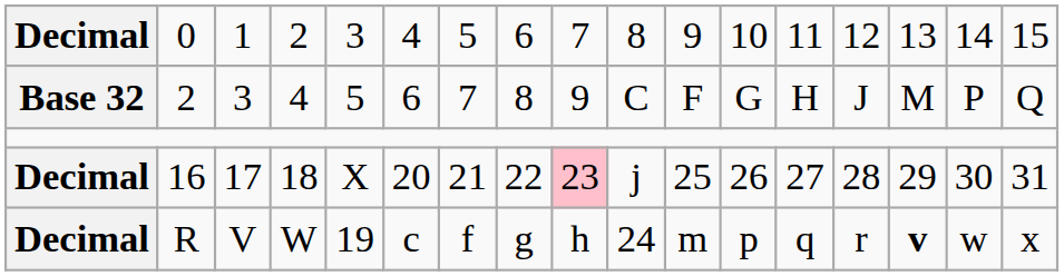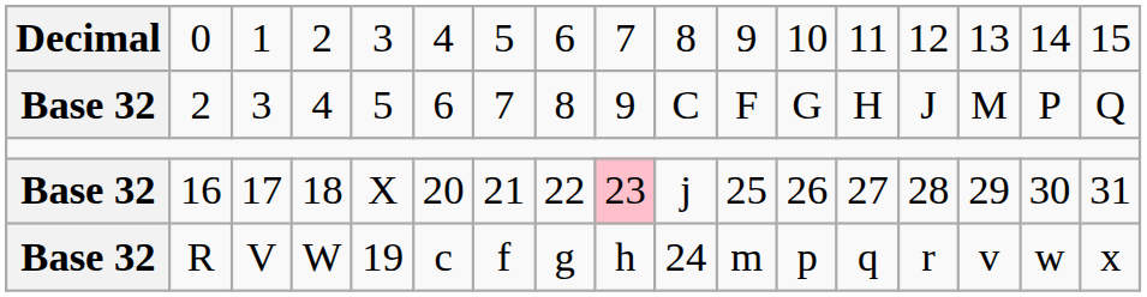 <table class="wikitable" style="text-align:center">
 <tr>
 <th>Decimal</th>
 <td>0</td>
 <td>1</td>
 <td>2</td>
 <td>3</td>
 <td>4</td>
 <td>5</td>
 <td>6</td>
 <td>7</td>
 <td>8</td>
 <td>9</td>
 <td>10</td>
 <td>11</td>
 <td>12</td>
 <td>13</td>
 <td>14</td>
 <td>15</td>
 </tr>
 <tr>
 <th>Base 32</th>
 <td>2</td>
 <td>3</td>
 <td>4</td>
 <td>5</td>
 <td>6</td>
 <td>7</td>
 <td>8</td>
 <td>9</td>
 <td>C</td>
 <td>F</td>
 <td>G</td>
 <td>H</td>
 <td>J</td>
 <td>M</td>
 <td>P</td>
 <td>Q</td>
 </tr>
 <tr>
 <td style="font: 0.5em/0.5em serif;" colspan="20"> </td>
 </tr>
 <tr>
-<th>Decimal</th>
+<th>Base 32</th>
 <td>16</td>
 <td>17</td>
 <td>18</td>
 <td>X</td>
 <td>20</td>
 <td>21</td>
 <td>22</td>
 <td style="background: pink;">23</td>
 <td>j</td>
 <td>25</td>
 <td>26</td>
 <td>27</td>
 <td>28</td>
 <td>29</td>
 <td>30</td>
 <td>31</td>
 </tr>
 <tr>
-<th>Decimal</th>
+<th>Base 32</th>
 <td>R</td>
 <td>V</td>
 <td>W</td>
 <td>19</td>
 <td>c</td>
 <td>f</td>
 <td>g</td>
 <td>h</td>
 <td>24</td>
 <td>m</td>
 <td>p</td>
 <td>q</td>
 <td>r</td>
-<td><strong>v</strong></td>
+<td>v</td>
 <td>w</td>
 <td>x</td>
 </tr>
 </table>
